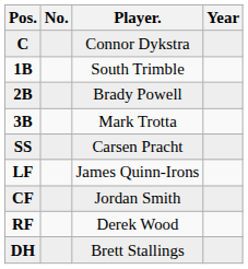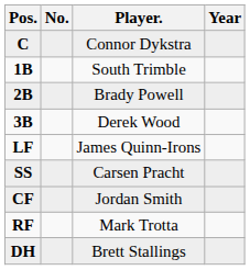 <table class="wikitable non-sortable">
 <tr>
 <th style="text-align:center; ">Pos.</th>
 <th style="text-align:center; ">No.</th>
 <th style="text-align:center; ">Player.</th>
 <th style="text-align:center; ">Year</th>
 </tr>
 <tr style="background:#eeeeee;text-align:center;">
 <td><strong>C</strong></td>
 <td></td>
 <td>Connor Dykstra</td>
 <td></td>
 </tr>
 <tr style="text-align:center;">
 <td><strong>1B</strong></td>
 <td></td>
 <td>South Trimble</td>
 <td></td>
 </tr>
 <tr style="background:#eeeeee;text-align:center;">
 <td><strong>2B</strong></td>
 <td></td>
 <td>Brady Powell</td>
 <td></td>
 </tr>
 <tr style="text-align:center;">
 <td><strong>3B</strong></td>
 <td></td>
-<td>Mark Trotta</td>
+<td>Derek Wood</td>
+<td></td>
+</tr>
+<tr style="text-align:center;">
+<td><strong>LF</strong></td>
+<td></td>
+<td>James Quinn-Irons</td>
 <td></td>
 </tr>
 <tr style="background:#eeeeee;text-align:center;">
 <td><strong>SS</strong></td>
 <td></td>
 <td>Carsen Pracht</td>
-<td></td>
-</tr>
-<tr style="text-align:center;">
-<td><strong>LF</strong></td>
-<td></td>
-<td>James Quinn-Irons</td>
 <td></td>
 </tr>
 <tr style="background:#eeeeee;text-align:center;">
 <td><strong>CF</strong></td>
 <td></td>
 <td>Jordan Smith</td>
 <td></td>
 </tr>
 <tr style="text-align:center;">
 <td><strong>RF</strong></td>
 <td></td>
-<td>Derek Wood</td>
+<td>Mark Trotta</td>
 <td></td>
 </tr>
 <tr style="background:#eeeeee;text-align:center;">
 <td><strong>DH</strong></td>
 <td></td>
 <td>Brett Stallings</td>
 <td></td>
 </tr>
 </table>
